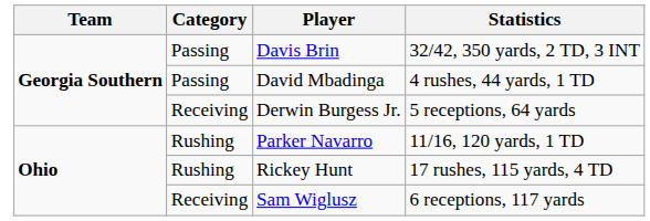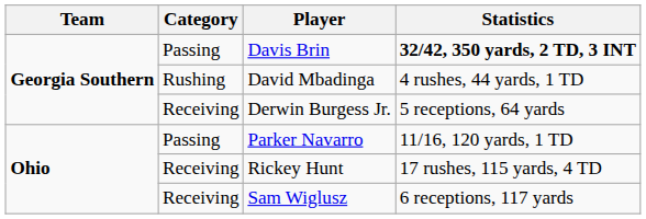 <table class="wikitable" style="float: right;">
 <tr>
 <th>Team</th>
 <th>Category</th>
 <th>Player</th>
 <th>Statistics</th>
 </tr>
 <tr>
 <td rowspan=3><strong>Georgia Southern</strong></td>
 <td>Passing</td>
 <td><a href='#'>Davis Brin</a></td>
-<td>32/42, 350 yards, 2 TD, 3 INT</td>
+<td><strong>32/42, 350 yards, 2 TD, 3 INT</strong></td>
 </tr>
 <tr>
-<td>Passing</td>
+<td>Rushing</td>
 <td>David Mbadinga</td>
 <td>4 rushes, 44 yards, 1 TD</td>
 </tr>
 <tr>
 <td>Receiving</td>
 <td>Derwin Burgess Jr.</td>
 <td>5 receptions, 64 yards</td>
 </tr>
 <tr>
 <td rowspan=3><strong>Ohio</strong></td>
-<td>Rushing</td>
+<td>Passing</td>
 <td><a href='#'>Parker Navarro</a></td>
 <td>11/16, 120 yards, 1 TD</td>
 </tr>
 <tr>
-<td>Rushing</td>
+<td>Receiving</td>
 <td>Rickey Hunt</td>
 <td>17 rushes, 115 yards, 4 TD</td>
 </tr>
 <tr>
 <td>Receiving</td>
 <td><a href='#'>Sam Wiglusz</a></td>
 <td>6 receptions, 117 yards</td>
 </tr>
 </table>
